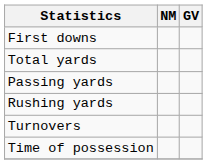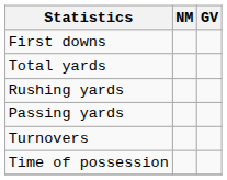 <table class="wikitable" style="float: left;">
 <tr>
 <th>Statistics</th>
 <th>NM</th>
 <th>GV</th>
 </tr>
 <tr>
 <td>First downs</td>
 <td></td>
 <td></td>
 </tr>
 <tr>
 <td>Total yards</td>
 <td></td>
 <td></td>
 </tr>
 <tr>
-<td>Passing yards</td>
+<td>Rushing yards</td>
 <td></td>
 <td></td>
 </tr>
 <tr>
-<td>Rushing yards</td>
+<td>Passing yards</td>
 <td></td>
 <td></td>
 </tr>
 <tr>
 <td>Turnovers</td>
 <td></td>
 <td></td>
 </tr>
 <tr>
 <td>Time of possession</td>
 <td></td>
 <td></td>
 </tr>
 <tr>
 </tr>
 </table>
